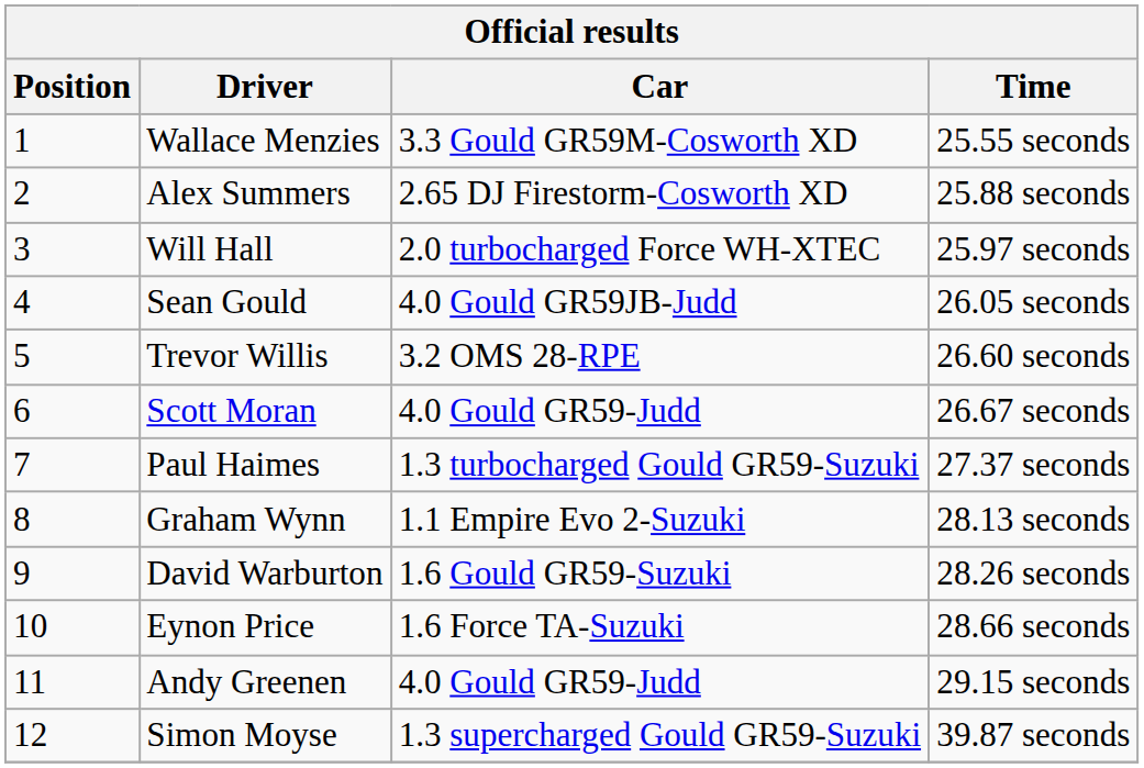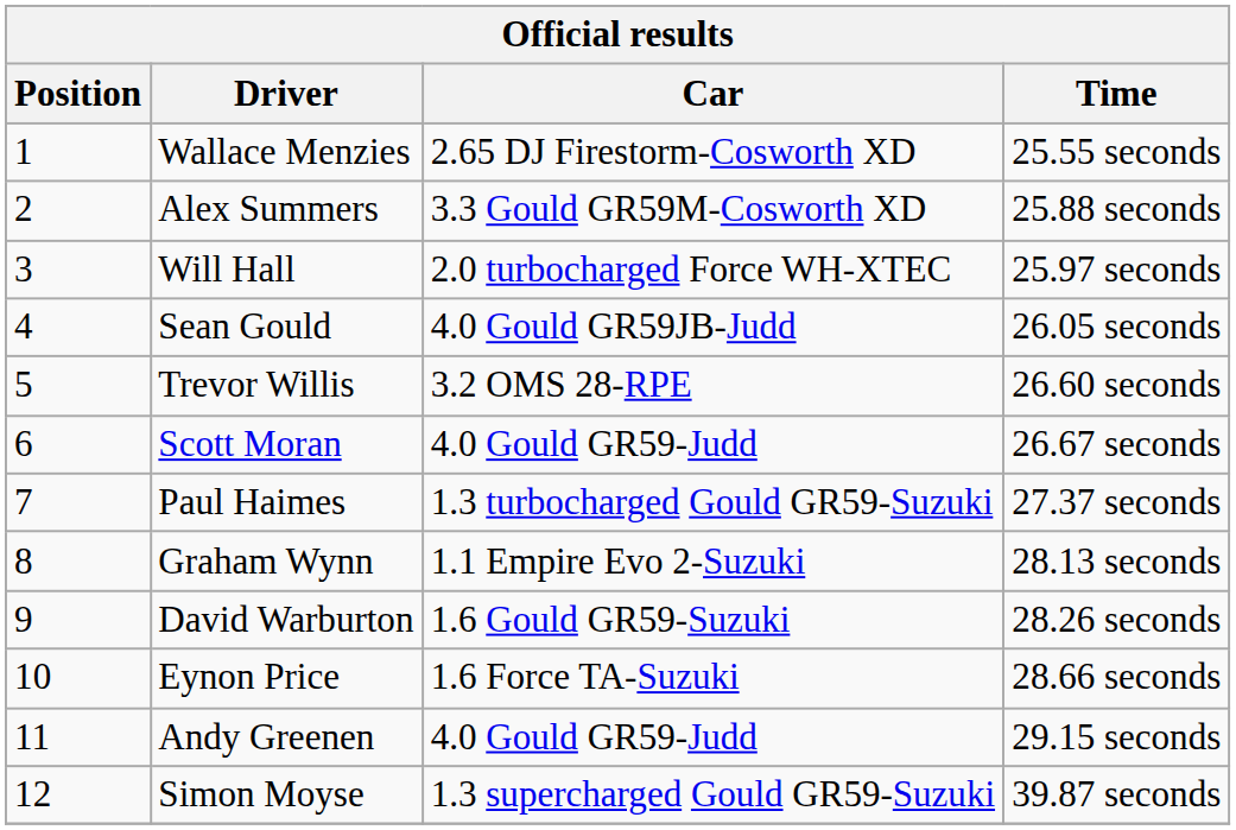 <table class="wikitable" style="font-size: 100%">
 <tr>
 <th colspan=4>Official results</th>
 </tr>
 <tr>
 <th>Position</th>
 <th>Driver</th>
 <th>Car</th>
 <th>Time</th>
 </tr>
 <tr>
 <td>1</td>
 <td>Wallace Menzies</td>
-<td>3.3 <a href='#'>Gould</a> GR59M-<a href='#'>Cosworth</a> XD</td>
+<td>2.65 DJ Firestorm-<a href='#'>Cosworth</a> XD</td>
 <td>25.55 seconds</td>
 </tr>
 <tr>
 <td>2</td>
 <td>Alex Summers</td>
-<td>2.65 DJ Firestorm-<a href='#'>Cosworth</a> XD</td>
+<td>3.3 <a href='#'>Gould</a> GR59M-<a href='#'>Cosworth</a> XD</td>
 <td>25.88 seconds</td>
 </tr>
 <tr>
 <td>3</td>
 <td>Will Hall</td>
 <td>2.0 <a href='#'>turbocharged</a> Force WH-XTEC</td>
 <td>25.97 seconds</td>
 </tr>
 <tr>
 <td>4</td>
 <td>Sean Gould</td>
 <td>4.0 <a href='#'>Gould</a> GR59JB-<a href='#'>Judd</a></td>
 <td>26.05 seconds</td>
 </tr>
 <tr>
 <td>5</td>
 <td>Trevor Willis</td>
 <td>3.2 OMS 28-<a href='#'>RPE</a></td>
 <td>26.60 seconds</td>
 </tr>
 <tr>
 <td>6</td>
 <td><a href='#'>Scott Moran</a></td>
 <td>4.0 <a href='#'>Gould</a> GR59-<a href='#'>Judd</a></td>
 <td>26.67 seconds</td>
 </tr>
 <tr>
 <td>7</td>
 <td>Paul Haimes</td>
 <td>1.3 <a href='#'>turbocharged</a> <a href='#'>Gould</a> GR59-<a href='#'>Suzuki</a></td>
 <td>27.37 seconds</td>
 </tr>
 <tr>
 <td>8</td>
 <td>Graham Wynn</td>
 <td>1.1 Empire Evo 2-<a href='#'>Suzuki</a></td>
 <td>28.13 seconds</td>
 </tr>
 <tr>
 <td>9</td>
 <td>David Warburton</td>
 <td>1.6 <a href='#'>Gould</a> GR59-<a href='#'>Suzuki</a></td>
 <td>28.26 seconds</td>
 </tr>
 <tr>
 <td>10</td>
 <td>Eynon Price</td>
 <td>1.6 Force TA-<a href='#'>Suzuki</a></td>
 <td>28.66 seconds</td>
 </tr>
 <tr>
 <td>11</td>
 <td>Andy Greenen</td>
 <td>4.0 <a href='#'>Gould</a> GR59-<a href='#'>Judd</a></td>
 <td>29.15 seconds</td>
 </tr>
 <tr>
 <td>12</td>
 <td>Simon Moyse</td>
 <td>1.3 <a href='#'>supercharged</a> <a href='#'>Gould</a> GR59-<a href='#'>Suzuki</a></td>
 <td>39.87 seconds</td>
 </tr>
 <tr>
 </tr>
 </table>
